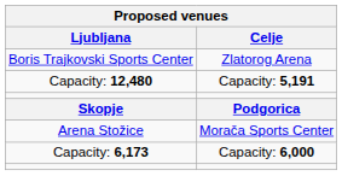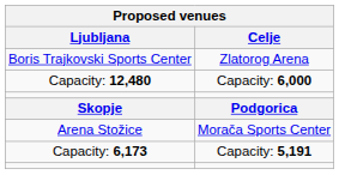 <table class="wikitable" style="text-align:center">
 <tr>
 <th colspan="2"><strong>Proposed venues</strong></th>
 </tr>
 <tr>
 <th> <a href='#'>Ljubljana</a></th>
 <th> <a href='#'>Celje</a></th>
 </tr>
 <tr>
 <td><a href='#'>Boris Trajkovski Sports Center</a></td>
 <td><a href='#'>Zlatorog Arena</a></td>
 </tr>
 <tr>
 <td>Capacity: <strong>12,480</strong></td>
-<td>Capacity: <strong>5,191</strong></td>
+<td>Capacity: <strong>6,000</strong></td>
 </tr>
 <tr>
 <td></td>
 <td></td>
 </tr>
 <tr>
 <th> <a href='#'>Skopje</a></th>
 <th> <a href='#'>Podgorica</a></th>
 </tr>
 <tr>
 <td><a href='#'>Arena Stožice</a></td>
 <td><a href='#'>Morača Sports Center</a></td>
 </tr>
 <tr>
 <td>Capacity: <strong>6,173</strong></td>
-<td>Capacity: <strong>6,000</strong></td>
+<td>Capacity: <strong>5,191</strong></td>
 </tr>
 <tr>
 <td></td>
 <td></td>
 </tr>
 </table>
